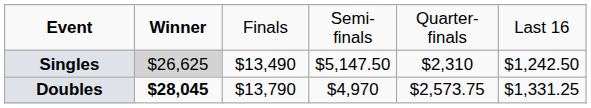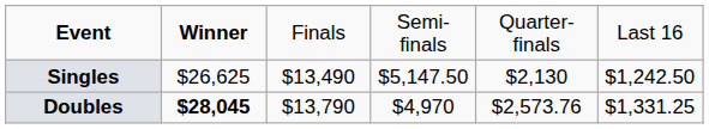 <table class=wikitable style="font-size:90%;text-align:center">
 <tr>
 <td style="width:104px;"><strong>Event</strong></td>
 <td style="width:68px;"><strong>Winner</strong></td>
 <td style="width:68px;">Finals</td>
 <td style="width:68px;">Semi-finals</td>
 <td style="width:80px;">Quarter-finals</td>
 <td style="width:68px;">Last 16</td>
 </tr>
 <tr>
 <td style="background:#dfe2e9;"><strong>Singles</strong></td>
-<td style="background: lightgrey;">$26,625</td>
+<td>$26,625</td>
 <td>$13,490</td>
 <td>$5,147.50</td>
-<td>$2,310</td>
+<td>$2,130</td>
 <td>$1,242.50</td>
 </tr>
 <tr>
 <td style="background:#dfe2e9;"><strong>Doubles</strong></td>
 <td><strong>$28,045</strong></td>
 <td>$13,790</td>
 <td>$4,970</td>
-<td>$2,573.75</td>
+<td>$2,573.76</td>
 <td>$1,331.25</td>
 </tr>
 </table>
